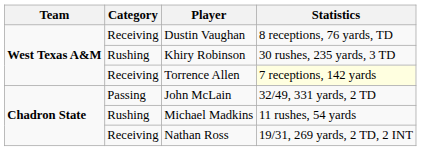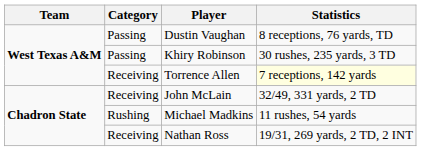 <table class="wikitable" style="float: left;">
 <tr>
 <th>Team</th>
 <th>Category</th>
 <th>Player</th>
 <th>Statistics</th>
 </tr>
 <tr>
 <td rowspan=3><strong>West Texas A&M</strong></td>
-<td>Receiving</td>
+<td>Passing</td>
 <td>Dustin Vaughan</td>
 <td>8 receptions, 76 yards, TD</td>
 </tr>
 <tr>
-<td>Rushing</td>
+<td>Passing</td>
 <td>Khiry Robinson</td>
 <td>30 rushes, 235 yards, 3 TD</td>
 </tr>
 <tr>
 <td>Receiving</td>
 <td>Torrence Allen</td>
 <td style="background: lightyellow;">7 receptions, 142 yards</td>
 </tr>
 <tr>
 <td rowspan=3><strong>Chadron State</strong></td>
-<td>Passing</td>
+<td>Receiving</td>
 <td>John McLain</td>
 <td>32/49, 331 yards, 2 TD</td>
 </tr>
 <tr>
 <td>Rushing</td>
 <td>Michael Madkins</td>
 <td>11 rushes, 54 yards</td>
 </tr>
 <tr>
 <td>Receiving</td>
 <td>Nathan Ross</td>
 <td>19/31, 269 yards, 2 TD, 2 INT</td>
 </tr>
 </table>
